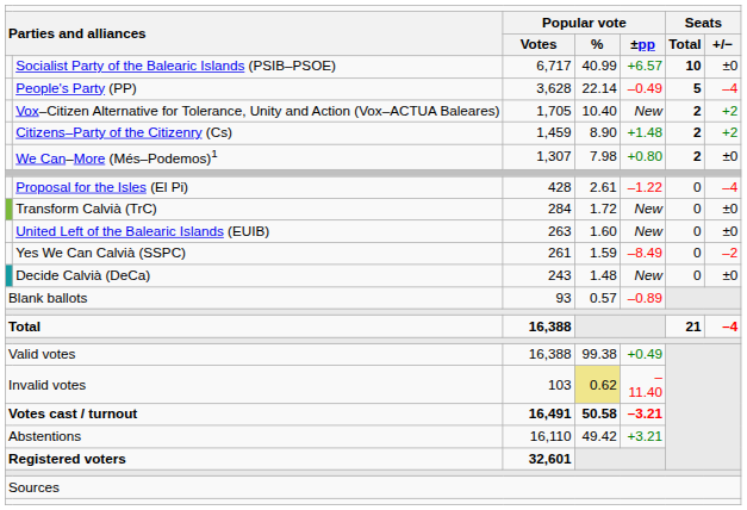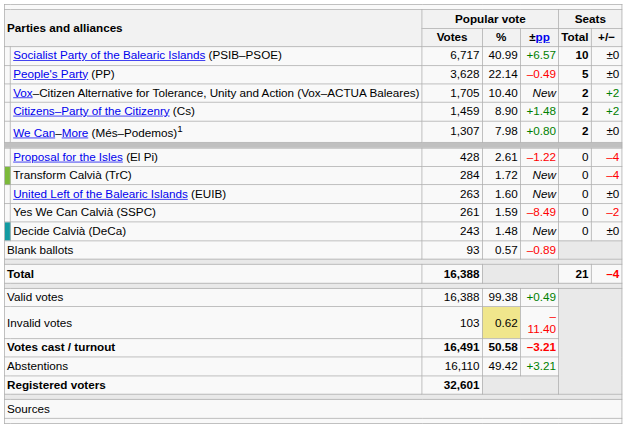 <table class="wikitable" style="text-align:right;">
 <tr>
 <td colspan="7"></td>
 </tr>
 <tr>
 <th style="text-align:left;" rowspan="2" colspan="2" width="525">Parties and alliances</th>
 <th colspan="3">Popular vote</th>
 <th colspan="2">Seats</th>
 </tr>
 <tr>
 <th width="75">Votes</th>
 <th width="45">%</th>
 <th width="45">±<a href='#'>pp</a></th>
 <th width="35">Total</th>
 <th width="35">+/−</th>
 </tr>
 <tr>
 <td width="1" style="color:inherit;background:"></td>
 <td align="left"><a href='#'>Socialist Party of the Balearic Islands</a> (PSIB–PSOE)</td>
 <td>6,717</td>
 <td>40.99</td>
 <td style="color:green;">+6.57</td>
 <td><strong>10</strong></td>
 <td>±0</td>
 </tr>
 <tr>
 <td style="color:inherit;background:"></td>
 <td align="left"><a href='#'>People's Party</a> (PP)</td>
 <td>3,628</td>
 <td>22.14</td>
 <td style="color:red;">–0.49</td>
 <td><strong>5</strong></td>
-<td style="color:red;">–4</td>
+<td>±0</td>
 </tr>
 <tr>
 <td style="color:inherit;background:"></td>
 <td align="left"><a href='#'>Vox</a>–Citizen Alternative for Tolerance, Unity and Action (Vox–ACTUA Baleares)</td>
 <td>1,705</td>
 <td>10.40</td>
 <td><em>New</em></td>
 <td><strong>2</strong></td>
 <td style="color:green;">+2</td>
 </tr>
 <tr>
 <td style="color:inherit;background:"></td>
 <td align="left"><a href='#'>Citizens–Party of the Citizenry</a> (Cs)</td>
 <td>1,459</td>
 <td>8.90</td>
 <td style="color:green;">+1.48</td>
 <td><strong>2</strong></td>
 <td style="color:green;">+2</td>
 </tr>
 <tr>
 <td style="color:inherit;background:"></td>
 <td align="left"><a href='#'>We Can</a>–<a href='#'>More</a> (Més–Podemos)<sup>1</sup></td>
 <td>1,307</td>
 <td>7.98</td>
 <td style="color:green;">+0.80</td>
 <td><strong>2</strong></td>
 <td>±0</td>
 </tr>
 <tr>
 <td colspan="7" bgcolor="#C0C0C0"></td>
 </tr>
 <tr>
 <td style="color:inherit;background:"></td>
 <td align="left"><a href='#'>Proposal for the Isles</a> (El Pi)</td>
 <td>428</td>
 <td>2.61</td>
 <td style="color:red;">–1.22</td>
 <td>0</td>
 <td style="color:red;">–4</td>
 </tr>
 <tr>
 <td bgcolor="#7CBA3A"></td>
 <td align="left">Transform Calvià (TrC)</td>
 <td>284</td>
 <td>1.72</td>
 <td><em>New</em></td>
 <td>0</td>
-<td>±0</td>
+<td style="color:red;">–4</td>
 </tr>
 <tr>
 <td style="color:inherit;background:"></td>
 <td align="left"><a href='#'>United Left of the Balearic Islands</a> (EUIB)</td>
 <td>263</td>
 <td>1.60</td>
 <td><em>New</em></td>
 <td>0</td>
 <td>±0</td>
 </tr>
 <tr>
 <td style="color:inherit;background:"></td>
 <td align="left">Yes We Can Calvià (SSPC)</td>
 <td>261</td>
 <td>1.59</td>
 <td style="color:red;">–8.49</td>
 <td>0</td>
 <td style="color:red;">–2</td>
 </tr>
 <tr>
 <td bgcolor="#139BA2"></td>
 <td align="left">Decide Calvià (DeCa)</td>
 <td>243</td>
 <td>1.48</td>
 <td><em>New</em></td>
 <td>0</td>
 <td>±0</td>
 </tr>
 <tr>
 <td align="left" colspan="2">Blank ballots</td>
 <td>93</td>
 <td>0.57</td>
 <td style="color:red;">–0.89</td>
 <td bgcolor="#E9E9E9" colspan="2"></td>
 </tr>
 <tr>
 <td colspan="7" bgcolor="#E9E9E9"></td>
 </tr>
 <tr style="font-weight:bold;">
 <td align="left" colspan="2">Total</td>
 <td>16,388</td>
 <td bgcolor="#E9E9E9" colspan="2"></td>
 <td>21</td>
 <td style="color:red;">–4</td>
 </tr>
 <tr>
 <td colspan="7" bgcolor="#E9E9E9"></td>
 </tr>
 <tr>
 <td align="left" colspan="2">Valid votes</td>
 <td>16,388</td>
 <td>99.38</td>
 <td style="color:green;">+0.49</td>
 <td bgcolor="#E9E9E9" colspan="2" rowspan="5"></td>
 </tr>
 <tr>
 <td align="left" colspan="2">Invalid votes</td>
 <td>103</td>
 <td style="background: khaki;">0.62</td>
 <td style="color:red;">–11.40</td>
 </tr>
 <tr style="font-weight:bold;">
 <td align="left" colspan="2">Votes cast / turnout</td>
 <td>16,491</td>
 <td>50.58</td>
 <td style="color:red;">–3.21</td>
 </tr>
 <tr>
 <td align="left" colspan="2">Abstentions</td>
 <td>16,110</td>
 <td>49.42</td>
 <td style="color:green;">+3.21</td>
 </tr>
 <tr style="font-weight:bold;">
 <td align="left" colspan="2">Registered voters</td>
 <td>32,601</td>
 <td bgcolor="#E9E9E9" colspan="2"></td>
 </tr>
 <tr>
 <td colspan="7" bgcolor="#E9E9E9"></td>
 </tr>
 <tr>
 <td align="left" colspan="7">Sources</td>
 </tr>
 <tr>
 <td colspan="7" style="text-align:left; max-width:790px;"></td>
 </tr>
 </table>
